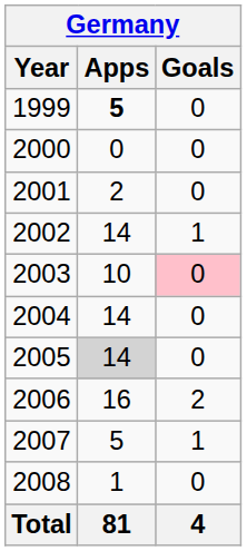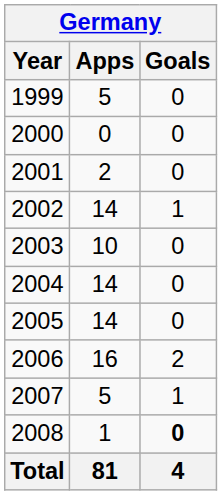 <table class="wikitable" style="text-align:center">
 <tr>
 <th colspan=3><a href='#'>Germany</a></th>
 </tr>
 <tr>
 <th>Year</th>
 <th>Apps</th>
 <th>Goals</th>
 </tr>
 <tr>
 <td>1999</td>
-<td><strong>5</strong></td>
+<td>5</td>
 <td>0</td>
 </tr>
 <tr>
 <td>2000</td>
 <td>0</td>
 <td>0</td>
 </tr>
 <tr>
 <td>2001</td>
 <td>2</td>
 <td>0</td>
 </tr>
 <tr>
 <td>2002</td>
 <td>14</td>
 <td>1</td>
 </tr>
 <tr>
 <td>2003</td>
 <td>10</td>
-<td style="background: pink;">0</td>
+<td>0</td>
 </tr>
 <tr>
 <td>2004</td>
 <td>14</td>
 <td>0</td>
 </tr>
 <tr>
 <td>2005</td>
-<td style="background: lightgrey;">14</td>
+<td>14</td>
 <td>0</td>
 </tr>
 <tr>
 <td>2006</td>
 <td>16</td>
 <td>2</td>
 </tr>
 <tr>
 <td>2007</td>
 <td>5</td>
 <td>1</td>
 </tr>
 <tr>
 <td>2008</td>
 <td>1</td>
-<td>0</td>
+<td><strong>0</strong></td>
 </tr>
 <tr>
 <th>Total</th>
 <th>81</th>
 <th>4</th>
 </tr>
 </table>
